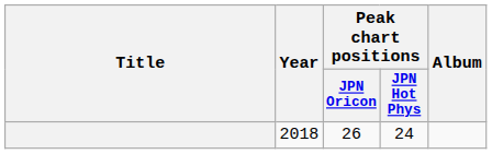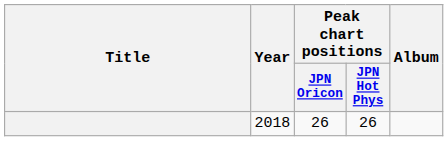 <table class="wikitable plainrowheaders" style="text-align:center;">
 <tr>
 <th scope="col" rowspan="2" style="width:16em;">Title</th>
 <th scope="col" rowspan="2">Year</th>
 <th scope="col" colspan="2">Peak chart positions</th>
 <th scope="col" rowspan="2">Album</th>
 </tr>
 <tr>
 <th style="width:3em;font-size:85%"><a href='#'>JPN<br>Oricon</a><br></th>
 <th style="width:3em;font-size:85%"><a href='#'>JPN<br>Hot<br>Phys</a><br></th>
 </tr>
 <tr>
 <th scope="row"></th>
 <td>2018</td>
 <td>26</td>
-<td>24</td>
+<td>26</td>
 <td></td>
 </tr>
 </table>
